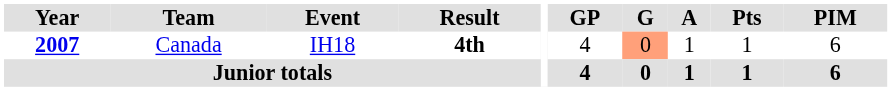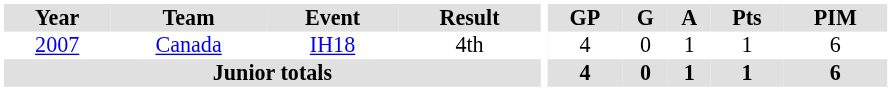 <table border="0" cellpadding="1" cellspacing="0" ID="Table3" style="text-align:center; width:40em">
 <tr ALIGN="center" bgcolor="#e0e0e0">
 <th>Year</th>
 <th>Team</th>
 <th>Event</th>
 <th>Result</th>
 <th rowspan="99" bgcolor="#ffffff"></th>
 <th>GP</th>
 <th>G</th>
 <th>A</th>
 <th>Pts</th>
 <th>PIM</th>
 </tr>
 <tr>
-<td><strong><a href='#'>2007</a></strong></td>
+<td><a href='#'>2007</a></td>
 <td><a href='#'>Canada</a></td>
 <td><a href='#'>IH18</a></td>
-<td><strong>4th</strong></td>
+<td>4th</td>
 <td>4</td>
-<td style="background: lightsalmon;">0</td>
+<td>0</td>
 <td>1</td>
 <td>1</td>
 <td>6</td>
 </tr>
 <tr bgcolor="#e0e0e0">
 <th colspan="4">Junior totals</th>
 <th>4</th>
 <th>0</th>
 <th>1</th>
 <th>1</th>
 <th>6</th>
 </tr>
 </table>
